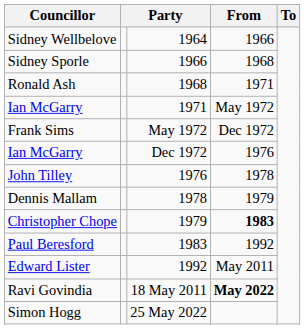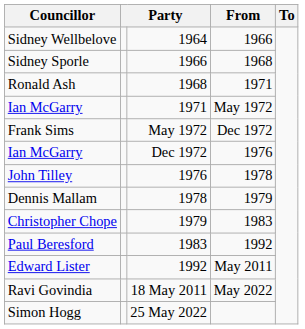 <table class=wikitable>
 <tr>
 <th>Councillor</th>
 <th colspan=2>Party</th>
 <th>From</th>
 <th>To</th>
 </tr>
 <tr>
 <td>Sidney Wellbelove</td>
 <td></td>
 <td align=right>1964</td>
 <td align=right>1966</td>
 </tr>
 <tr>
 <td>Sidney Sporle</td>
 <td></td>
 <td align=right>1966</td>
 <td align=right>1968</td>
 </tr>
 <tr>
 <td>Ronald Ash</td>
 <td></td>
 <td align=right>1968</td>
 <td align=right>1971</td>
 </tr>
 <tr>
 <td><a href='#'>Ian McGarry</a></td>
 <td></td>
 <td align=right>1971</td>
 <td align=right>May 1972</td>
 </tr>
 <tr>
 <td>Frank Sims</td>
 <td></td>
 <td align=right>May 1972</td>
 <td align=right>Dec 1972</td>
 </tr>
 <tr>
 <td><a href='#'>Ian McGarry</a></td>
 <td></td>
 <td align=right>Dec 1972</td>
 <td align=right>1976</td>
 </tr>
 <tr>
 <td><a href='#'>John Tilley</a></td>
 <td></td>
 <td align=right>1976</td>
 <td align=right>1978</td>
 </tr>
 <tr>
 <td>Dennis Mallam</td>
 <td></td>
 <td align=right>1978</td>
 <td align=right>1979</td>
 </tr>
 <tr>
 <td><a href='#'>Christopher Chope</a></td>
 <td></td>
 <td align=right>1979</td>
-<td align=right><strong>1983</strong></td>
+<td align=right>1983</td>
 </tr>
 <tr>
 <td><a href='#'>Paul Beresford</a></td>
 <td></td>
 <td align=right>1983</td>
 <td align=right>1992</td>
 </tr>
 <tr>
 <td><a href='#'>Edward Lister</a></td>
 <td></td>
 <td align=right>1992</td>
 <td align=right>May 2011</td>
 </tr>
 <tr>
 <td>Ravi Govindia</td>
 <td></td>
 <td align=right>18 May 2011</td>
-<td align=right><strong>May 2022</strong></td>
+<td align=right>May 2022</td>
 </tr>
 <tr>
 <td>Simon Hogg</td>
 <td></td>
 <td align=right>25 May 2022</td>
 <td></td>
 </tr>
 </table>
